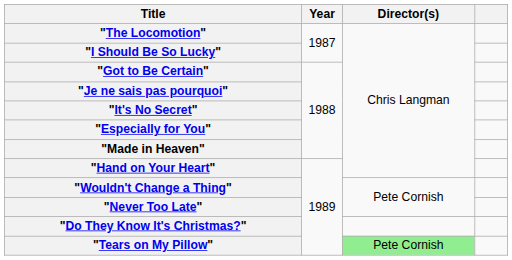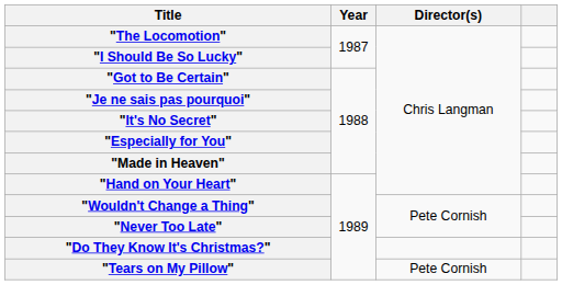 <table class="wikitable plainrowheaders" style="text-align:center;" width="75%">
 <tr>
 <th style="width:45%;">Title</th>
 <th style="width:5%;">Year</th>
 <th style="width:20%;">Director(s)</th>
 <th style="width:5%;"></th>
 </tr>
 <tr>
 <th scope=row>"<a href='#'>The Locomotion</a>"</th>
 <td rowspan=2>1987</td>
 <td rowspan=8>Chris Langman</td>
 <td></td>
 </tr>
 <tr>
 <th scope=row>"<a href='#'>I Should Be So Lucky</a>"</th>
 <td></td>
 </tr>
 <tr>
 <th scope=row>"<a href='#'>Got to Be Certain</a>"</th>
 <td rowspan=5>1988</td>
 <td></td>
 </tr>
 <tr>
 <th scope=row>"<a href='#'>Je ne sais pas pourquoi</a>"</th>
 <td></td>
 </tr>
 <tr>
 <th scope=row>"<a href='#'>It's No Secret</a>"</th>
 <td></td>
 </tr>
 <tr>
 <th scope=row>"<a href='#'>Especially for You</a>"<br></th>
 <td></td>
 </tr>
 <tr>
 <th scope=row>"Made in Heaven"</th>
 <td></td>
 </tr>
 <tr>
 <th scope=row>"<a href='#'>Hand on Your Heart</a>"</th>
 <td rowspan=5>1989</td>
 <td></td>
 </tr>
 <tr>
 <th scope=row>"<a href='#'>Wouldn't Change a Thing</a>"</th>
 <td rowspan=2>Pete Cornish</td>
 <td></td>
 </tr>
 <tr>
 <th scope=row>"<a href='#'>Never Too Late</a>"</th>
 <td></td>
 </tr>
 <tr>
 <th scope=row>"<a href='#'>Do They Know It's Christmas?</a>"<br></th>
 <td></td>
 <td></td>
 </tr>
 <tr>
 <th scope=row>"<a href='#'>Tears on My Pillow</a>"</th>
-<td style="background: lightgreen;">Pete Cornish</td>
+<td>Pete Cornish</td>
 <td></td>
 </tr>
 </table>
